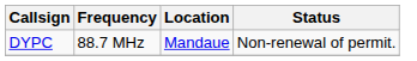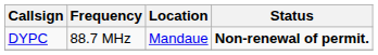 <table class="wikitable">
 <tr>
 <th>Callsign</th>
 <th>Frequency</th>
 <th>Location</th>
 <th>Status</th>
 </tr>
 <tr>
 <td><a href='#'>DYPC</a></td>
 <td>88.7 MHz</td>
 <td><a href='#'>Mandaue</a></td>
-<td>Non-renewal of permit.</td>
+<td><strong>Non-renewal of permit.</strong></td>
 </tr>
 <tr>
 </tr>
 </table>
